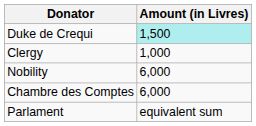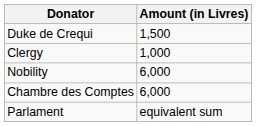 <table class="wikitable">
 <tr>
 <th>Donator</th>
 <th>Amount (in Livres)</th>
 </tr>
 <tr>
 <td>Duke de Crequi</td>
-<td style="background: paleturquoise;">1,500</td>
+<td>1,500</td>
 </tr>
 <tr>
 <td>Clergy</td>
 <td>1,000</td>
 </tr>
 <tr>
 <td>Nobility</td>
 <td>6,000</td>
 </tr>
 <tr>
 <td>Chambre des Comptes</td>
 <td>6,000</td>
 </tr>
 <tr>
 <td>Parlament</td>
 <td>equivalent sum</td>
 </tr>
 </table>
